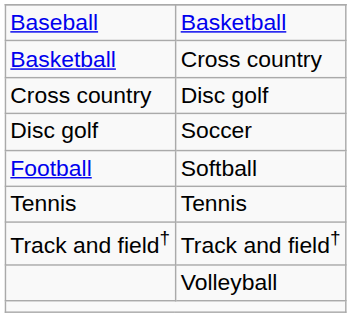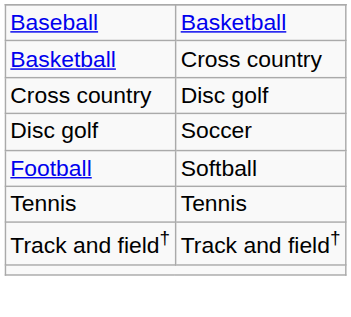 <table class="wikitable" style="float:right; clear:right; margin:0 0 1em 1em;">
 <tr>
 </tr>
 <tr>
 <td><a href='#'>Baseball</a></td>
 <td><a href='#'>Basketball</a></td>
 </tr>
 <tr>
 <td><a href='#'>Basketball</a></td>
 <td>Cross country</td>
 </tr>
 <tr>
 <td>Cross country</td>
 <td>Disc golf</td>
 </tr>
 <tr>
 <td>Disc golf</td>
 <td>Soccer</td>
 </tr>
 <tr>
 <td><a href='#'>Football</a></td>
 <td>Softball</td>
 </tr>
 <tr>
 <td>Tennis</td>
 <td>Tennis</td>
 </tr>
 <tr>
 <td>Track and field<sup>†</sup></td>
 <td>Track and field<sup>†</sup></td>
 </tr>
 <tr>
-<td></td>
-<td>Volleyball</td>
-</tr>
-<tr>
 <td colspan="2"></td>
 </tr>
 </table>
